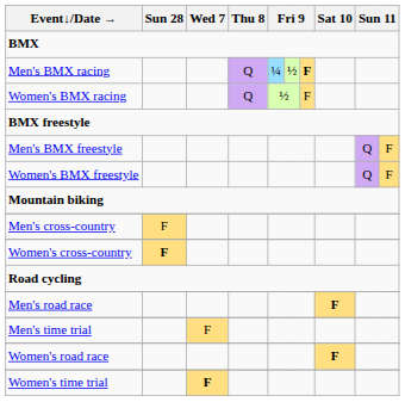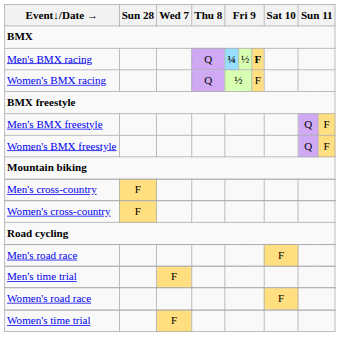 <table class="wikitable" style="margin:0.5em auto; font-size:90%; line-height:1.5em;">
 <tr style="text-align:center;">
 <th>Event↓/Date →</th>
 <th>Sun 28</th>
 <th>Wed 7</th>
 <th>Thu 8</th>
 <th colspan="3">Fri 9</th>
 <th>Sat 10</th>
 <th colspan="2">Sun 11</th>
 </tr>
 <tr>
 <td colspan="10"><strong>BMX</strong></td>
 </tr>
 <tr style="text-align:center;">
 <td style="text-align:left;"><a href='#'>Men's BMX racing</a></td>
 <td></td>
 <td></td>
 <td style="background-color:#D0A9F5;">Q</td>
-<td style="background-color:#97DEFF;">¼</td>
+<td style="background-color:#97DEFF;"><strong>¼</strong></td>
 <td style="background-color:#D9FFB2;">½</td>
 <td style="background-color:#FFDF80;"><strong>F</strong></td>
 <td></td>
 <td colspan="2"></td>
 </tr>
 <tr style="text-align:center;">
 <td style="text-align:left;"><a href='#'>Women's BMX racing</a></td>
 <td></td>
 <td></td>
 <td style="background-color:#D0A9F5;">Q</td>
 <td colspan="2" style="background-color:#D9FFB2;">½</td>
 <td style="background-color:#FFDF80;">F</td>
 <td></td>
 <td colspan="2"></td>
 </tr>
 <tr>
 <td colspan="10"><strong>BMX freestyle</strong></td>
 </tr>
 <tr style="text-align:center;">
 <td style="text-align:left;"><a href='#'>Men's BMX freestyle</a></td>
 <td></td>
 <td></td>
 <td></td>
 <td colspan="3"></td>
 <td></td>
 <td style="background-color:#D0A9F5;">Q</td>
 <td style="background-color:#FFDF80;">F</td>
 </tr>
 <tr style="text-align:center;">
 <td style="text-align:left;"><a href='#'>Women's BMX freestyle</a></td>
 <td></td>
 <td></td>
 <td></td>
 <td colspan="3"></td>
 <td></td>
 <td style="background-color:#D0A9F5;">Q</td>
 <td style="background-color:#FFDF80;">F</td>
 </tr>
 <tr>
 <td colspan="10"><strong>Mountain biking</strong></td>
 </tr>
 <tr>
 </tr>
 <tr style="text-align:center;">
 <td style="text-align:left;"><a href='#'>Men's cross-country</a></td>
 <td style="background-color:#FFDF80;">F</td>
 <td></td>
 <td></td>
 <td colspan="3"></td>
 <td></td>
 <td colspan="2"></td>
 </tr>
 <tr>
 </tr>
 <tr style="text-align:center;">
 <td style="text-align:left;"><a href='#'>Women's cross-country</a></td>
-<td style="background-color:#FFDF80;"><strong>F</strong></td>
+<td style="background-color:#FFDF80;">F</td>
 <td></td>
 <td></td>
 <td colspan="3"></td>
 <td></td>
 <td colspan="2"></td>
 </tr>
 <tr>
 <td colspan="10"><strong>Road cycling</strong></td>
 </tr>
 <tr>
 </tr>
 <tr style="text-align:center;">
 <td style="text-align:left;"><a href='#'>Men's road race</a></td>
 <td></td>
 <td></td>
 <td></td>
 <td colspan="3"></td>
-<td style="background-color:#FFDF80;"><strong>F</strong></td>
+<td style="background-color:#FFDF80;">F</td>
 <td colspan="2"></td>
 </tr>
 <tr>
 </tr>
 <tr style="text-align:center;">
 <td style="text-align:left;"><a href='#'>Men's time trial</a></td>
 <td></td>
 <td style="background-color:#FFDF80;">F</td>
 <td></td>
 <td colspan="3"></td>
 <td></td>
 <td colspan="2"></td>
 </tr>
 <tr>
 </tr>
 <tr style="text-align:center;">
 <td style="text-align:left;"><a href='#'>Women's road race</a></td>
 <td></td>
 <td></td>
 <td></td>
 <td colspan="3"></td>
-<td style="background-color:#FFDF80;"><strong>F</strong></td>
+<td style="background-color:#FFDF80;">F</td>
 <td colspan="2"></td>
 </tr>
 <tr>
 </tr>
 <tr style="text-align:center;">
 <td style="text-align:left;"><a href='#'>Women's time trial</a></td>
 <td></td>
-<td style="background-color:#FFDF80;"><strong>F</strong></td>
+<td style="background-color:#FFDF80;">F</td>
 <td></td>
 <td colspan="3"></td>
 <td></td>
 <td colspan="2"></td>
 </tr>
 </table>
